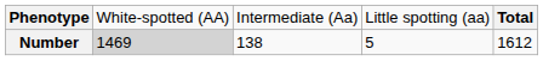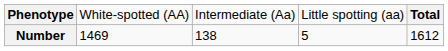 <table class="wikitable">
 <tr>
 <th>Phenotype</th>
 <td>White-spotted (AA)</td>
 <td>Intermediate (Aa)</td>
 <td>Little spotting (aa)</td>
 <th>Total</th>
 </tr>
 <tr>
 <th>Number</th>
-<td style="background: lightgrey;">1469</td>
+<td>1469</td>
 <td>138</td>
 <td>5</td>
 <td>1612</td>
 </tr>
 </table>
